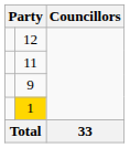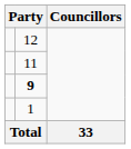 <table class="wikitable">
 <tr>
 <th colspan=2>Party</th>
 <th>Councillors</th>
 </tr>
 <tr>
 <td></td>
 <td align=center>12</td>
 </tr>
 <tr>
 <td></td>
 <td align=center>11</td>
 </tr>
 <tr>
 <td></td>
-<td align=center>9</td>
+<td align=center><strong>9</strong></td>
 </tr>
 <tr>
 <td></td>
-<td align=center style="background: gold;">1</td>
+<td align=center>1</td>
 </tr>
 <tr>
 <th colspan=2>Total</th>
 <th align=center>33</th>
 </tr>
 </table>
